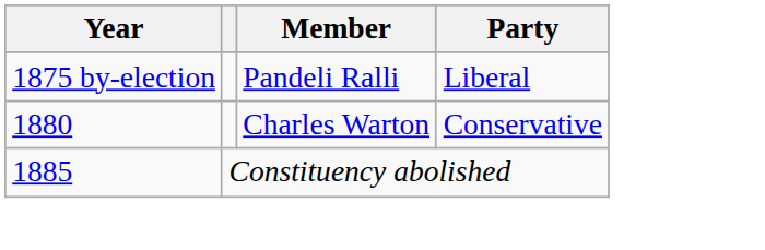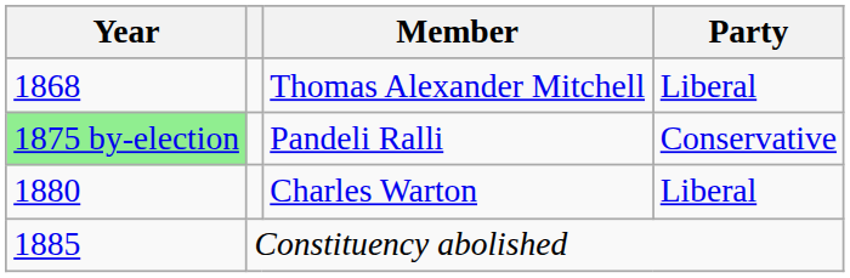 <table class="wikitable">
 <tr>
 <th>Year</th>
 <th></th>
 <th>Member</th>
 <th>Party</th>
 </tr>
 <tr>
-<td><a href='#'>1875 by-election</a></td>
+<td><a href='#'>1868</a></td>
+<td style="color:inherit;background-color: "></td>
+<td><a href='#'>Thomas Alexander Mitchell</a></td>
+<td><a href='#'>Liberal</a></td>
+</tr>
+<tr>
+<td style="background: lightgreen;"><a href='#'>1875 by-election</a></td>
 <td style="color:inherit;background-color: "></td>
 <td><a href='#'>Pandeli Ralli</a></td>
-<td><a href='#'>Liberal</a></td>
+<td><a href='#'>Conservative</a></td>
 </tr>
 <tr>
 <td><a href='#'>1880</a></td>
 <td style="color:inherit;background-color: "></td>
 <td><a href='#'>Charles Warton</a></td>
-<td><a href='#'>Conservative</a></td>
+<td><a href='#'>Liberal</a></td>
 </tr>
 <tr>
 <td><a href='#'>1885</a></td>
 <td colspan="3"><em>Constituency abolished</em></td>
 </tr>
 </table>
